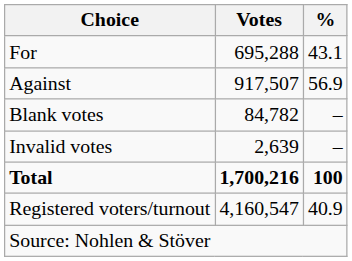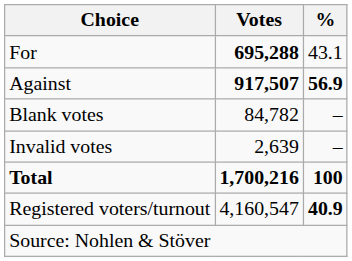 <table class=wikitable style=text-align:right>
 <tr>
 <th>Choice</th>
 <th>Votes</th>
 <th>%</th>
 </tr>
 <tr>
 <td align=left>For</td>
-<td>695,288</td>
+<td><strong>695,288</strong></td>
 <td>43.1</td>
 </tr>
 <tr>
 <td align=left>Against</td>
-<td>917,507</td>
-<td>56.9</td>
+<td><strong>917,507</strong></td>
+<td><strong>56.9</strong></td>
 </tr>
 <tr>
 <td align=left>Blank votes</td>
 <td>84,782</td>
 <td>–</td>
 </tr>
 <tr>
 <td align=left>Invalid votes</td>
 <td>2,639</td>
 <td>–</td>
 </tr>
 <tr>
 <td align=left><strong>Total</strong></td>
 <td><strong>1,700,216</strong></td>
 <td><strong>100</strong></td>
 </tr>
 <tr>
 <td align=left>Registered voters/turnout</td>
 <td>4,160,547</td>
-<td>40.9</td>
+<td><strong>40.9</strong></td>
 </tr>
 <tr>
 <td align=left colspan=3>Source: Nohlen & Stöver</td>
 </tr>
 </table>
